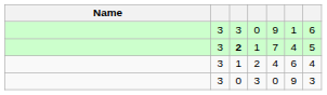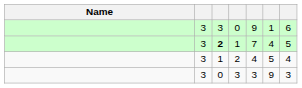 <table class=wikitable style="text-align:center">
 <tr>
 <th width=300>Name</th>
 <th width=20></th>
 <th width=20></th>
 <th width=20></th>
 <th width=20></th>
 <th width=20></th>
 <th width=20></th>
 </tr>
 <tr style="background-color:#ccffcc;">
 <td style="text-align:left;"></td>
 <td>3</td>
 <td>3</td>
 <td>0</td>
 <td>9</td>
 <td>1</td>
 <td>6</td>
 </tr>
 <tr style="background-color:#ccffcc;">
 <td style="text-align:left;"></td>
 <td>3</td>
 <td><strong>2</strong></td>
 <td>1</td>
 <td>7</td>
 <td>4</td>
 <td>5</td>
 </tr>
 <tr>
 <td style="text-align:left;"></td>
 <td>3</td>
 <td>1</td>
 <td>2</td>
 <td>4</td>
-<td>6</td>
+<td>5</td>
 <td>4</td>
 </tr>
 <tr>
 <td style="text-align:left;"></td>
 <td>3</td>
 <td>0</td>
 <td>3</td>
-<td>0</td>
+<td>3</td>
 <td>9</td>
 <td>3</td>
 </tr>
 </table>
